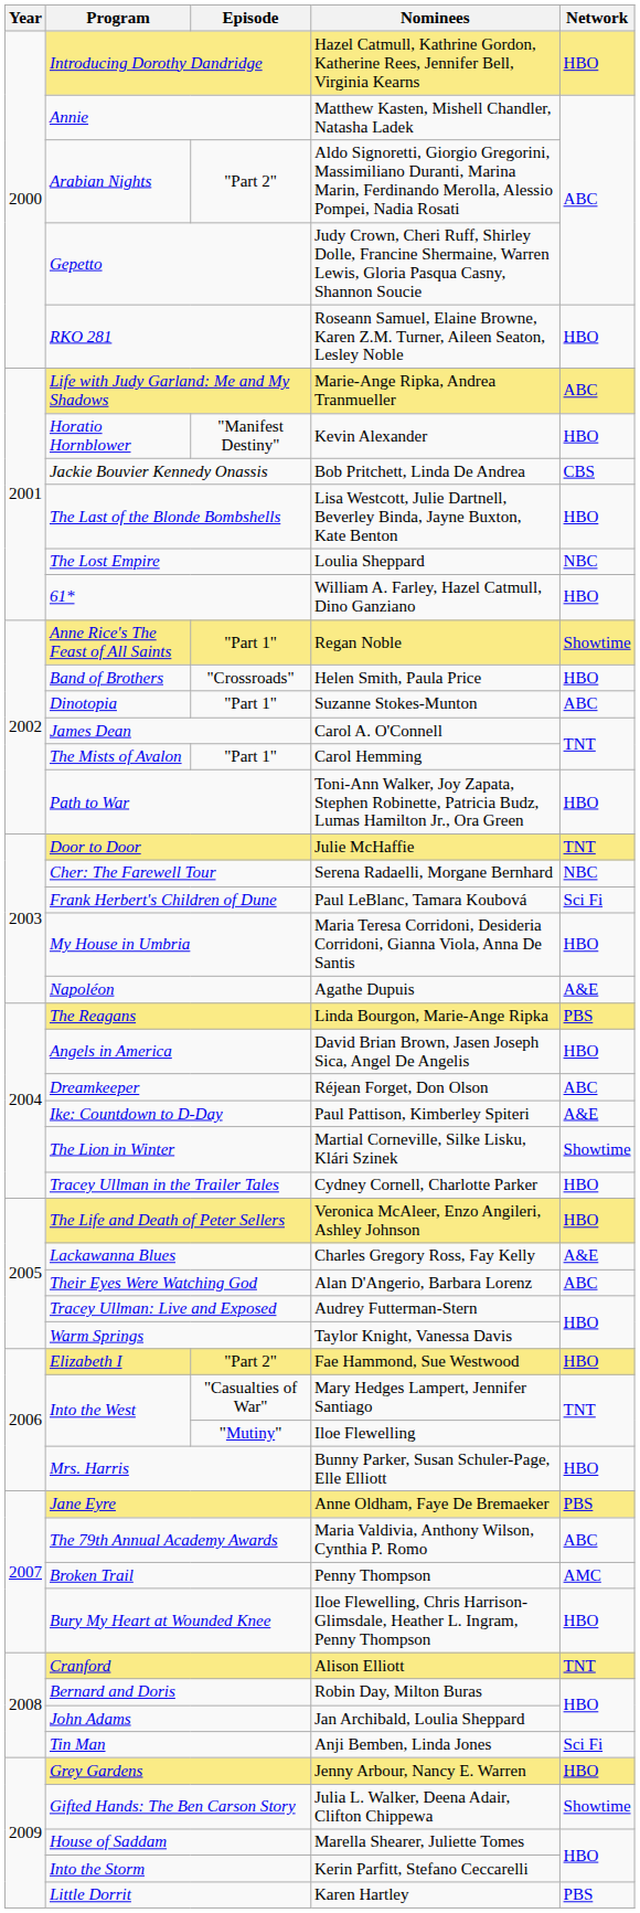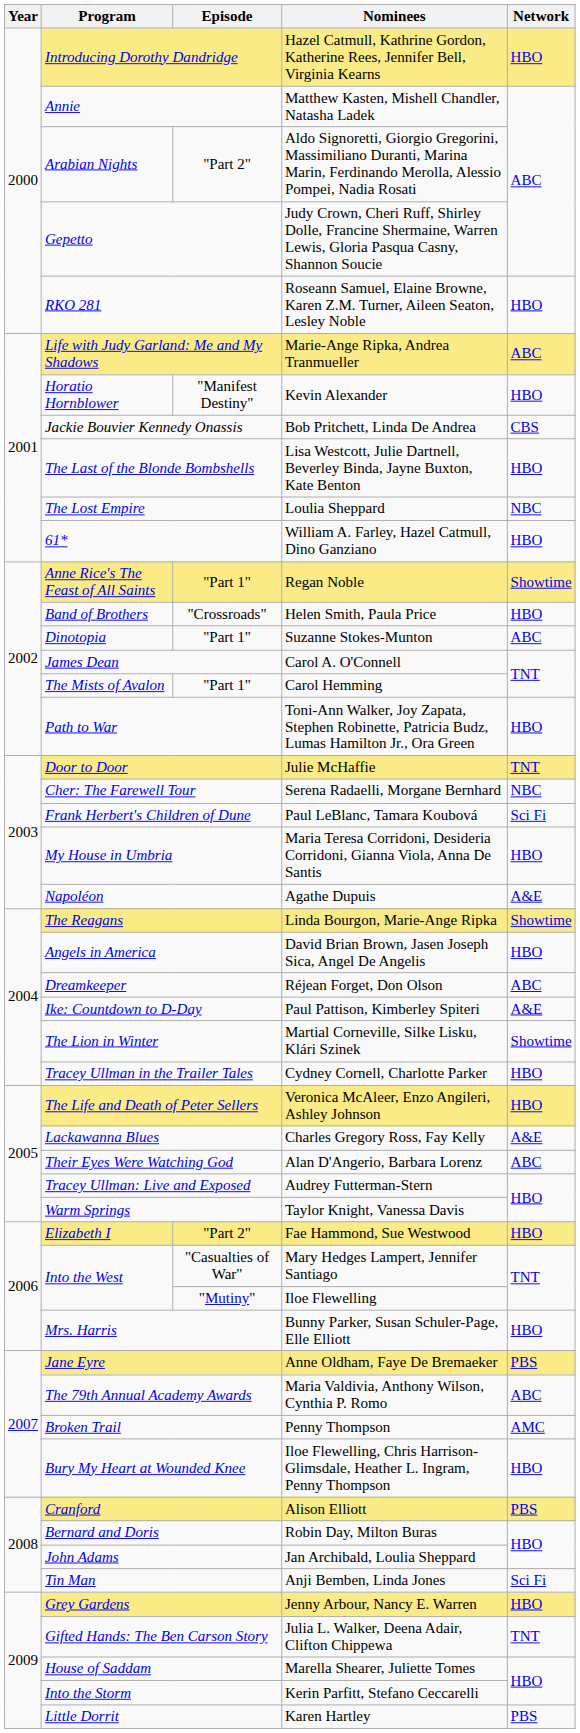 <table class="wikitable">
 <tr>
 <th width="5%">Year</th>
 <th width="25%">Program</th>
 <th width="20%">Episode</th>
 <th width="45%">Nominees</th>
 <th width="5%">Network</th>
 </tr>
 <tr>
 <td rowspan="5" style="text-align:center;">2000<br></td>
 <td style="background:#FAEB86;" colspan=2><em><a href='#'>Introducing Dorothy Dandridge</a></em></td>
 <td style="background:#FAEB86;">Hazel Catmull, Kathrine Gordon, Katherine Rees, Jennifer Bell, Virginia Kearns</td>
 <td style="background:#FAEB86;"><a href='#'>HBO</a></td>
 </tr>
 <tr>
 <td colspan=2><em><a href='#'>Annie</a></em></td>
 <td>Matthew Kasten, Mishell Chandler, Natasha Ladek</td>
 <td rowspan=3><a href='#'>ABC</a></td>
 </tr>
 <tr>
 <td><em><a href='#'>Arabian Nights</a></em></td>
 <td align=center>"Part 2"</td>
 <td>Aldo Signoretti, Giorgio Gregorini, Massimiliano Duranti, Marina Marin, Ferdinando Merolla, Alessio Pompei, Nadia Rosati</td>
 </tr>
 <tr>
 <td colspan=2><em><a href='#'>Gepetto</a></em></td>
 <td>Judy Crown, Cheri Ruff, Shirley Dolle, Francine Shermaine, Warren Lewis, Gloria Pasqua Casny, Shannon Soucie</td>
 </tr>
 <tr>
 <td colspan=2><em><a href='#'>RKO 281</a></em></td>
 <td>Roseann Samuel, Elaine Browne, Karen Z.M. Turner, Aileen Seaton, Lesley Noble</td>
 <td><a href='#'>HBO</a></td>
 </tr>
 <tr>
 <td rowspan="6" style="text-align:center;">2001<br></td>
 <td style="background:#FAEB86;" colspan=2><em><a href='#'>Life with Judy Garland: Me and My Shadows</a></em></td>
 <td style="background:#FAEB86;">Marie-Ange Ripka, Andrea Tranmueller</td>
 <td style="background:#FAEB86;"><a href='#'>ABC</a></td>
 </tr>
 <tr>
 <td><em><a href='#'>Horatio Hornblower</a></em></td>
 <td align=center>"Manifest Destiny"</td>
 <td>Kevin Alexander</td>
 <td><a href='#'>HBO</a></td>
 </tr>
 <tr>
 <td colspan=2><em>Jackie Bouvier Kennedy Onassis</em></td>
 <td>Bob Pritchett, Linda De Andrea</td>
 <td><a href='#'>CBS</a></td>
 </tr>
 <tr>
 <td colspan=2><em><a href='#'>The Last of the Blonde Bombshells</a></em></td>
 <td>Lisa Westcott, Julie Dartnell, Beverley Binda, Jayne Buxton, Kate Benton</td>
 <td><a href='#'>HBO</a></td>
 </tr>
 <tr>
 <td colspan=2><em><a href='#'>The Lost Empire</a></em></td>
 <td>Loulia Sheppard</td>
 <td><a href='#'>NBC</a></td>
 </tr>
 <tr>
 <td colspan=2><em><a href='#'>61*</a></em></td>
 <td>William A. Farley, Hazel Catmull, Dino Ganziano</td>
 <td><a href='#'>HBO</a></td>
 </tr>
 <tr>
 <td rowspan="6" style="text-align:center;">2002<br></td>
 <td style="background:#FAEB86;"><em><a href='#'>Anne Rice's The Feast of All Saints</a></em></td>
 <td style="background:#FAEB86;" align=center>"Part 1"</td>
 <td style="background:#FAEB86;">Regan Noble</td>
 <td style="background:#FAEB86;"><a href='#'>Showtime</a></td>
 </tr>
 <tr>
 <td><em><a href='#'>Band of Brothers</a></em></td>
 <td align=center>"Crossroads"</td>
 <td>Helen Smith, Paula Price</td>
 <td><a href='#'>HBO</a></td>
 </tr>
 <tr>
 <td><em><a href='#'>Dinotopia</a></em></td>
 <td align=center>"Part 1"</td>
 <td>Suzanne Stokes-Munton</td>
 <td><a href='#'>ABC</a></td>
 </tr>
 <tr>
 <td colspan=2><em><a href='#'>James Dean</a></em></td>
 <td>Carol A. O'Connell</td>
 <td rowspan=2><a href='#'>TNT</a></td>
 </tr>
 <tr>
 <td><em><a href='#'>The Mists of Avalon</a></em></td>
 <td align=center>"Part 1"</td>
 <td>Carol Hemming</td>
 </tr>
 <tr>
 <td colspan=2><em><a href='#'>Path to War</a></em></td>
 <td>Toni-Ann Walker, Joy Zapata, Stephen Robinette, Patricia Budz, Lumas Hamilton Jr., Ora Green</td>
 <td><a href='#'>HBO</a></td>
 </tr>
 <tr>
 <td rowspan="5" style="text-align:center;">2003<br></td>
 <td style="background:#FAEB86;" colspan=2><em><a href='#'>Door to Door</a></em></td>
 <td style="background:#FAEB86;">Julie McHaffie</td>
 <td style="background:#FAEB86;"><a href='#'>TNT</a></td>
 </tr>
 <tr>
 <td colspan=2><em><a href='#'>Cher: The Farewell Tour</a></em></td>
 <td>Serena Radaelli, Morgane Bernhard</td>
 <td><a href='#'>NBC</a></td>
 </tr>
 <tr>
 <td colspan=2><em><a href='#'>Frank Herbert's Children of Dune</a></em></td>
 <td>Paul LeBlanc, Tamara Koubová</td>
 <td><a href='#'>Sci Fi</a></td>
 </tr>
 <tr>
 <td colspan=2><em><a href='#'>My House in Umbria</a></em></td>
 <td>Maria Teresa Corridoni, Desideria Corridoni, Gianna Viola, Anna De Santis</td>
 <td><a href='#'>HBO</a></td>
 </tr>
 <tr>
 <td colspan=2><em><a href='#'>Napoléon</a></em></td>
 <td>Agathe Dupuis</td>
 <td><a href='#'>A&E</a></td>
 </tr>
 <tr>
 <td rowspan="6" style="text-align:center;">2004<br></td>
 <td style="background:#FAEB86;" colspan=2><em><a href='#'>The Reagans</a></em></td>
 <td style="background:#FAEB86;">Linda Bourgon, Marie-Ange Ripka</td>
-<td style="background:#FAEB86;"><a href='#'>PBS</a></td>
+<td style="background:#FAEB86;"><a href='#'>Showtime</a></td>
 </tr>
 <tr>
 <td colspan=2><em><a href='#'>Angels in America</a></em></td>
 <td>David Brian Brown, Jasen Joseph Sica, Angel De Angelis</td>
 <td><a href='#'>HBO</a></td>
 </tr>
 <tr>
 <td colspan=2><em><a href='#'>Dreamkeeper</a></em></td>
 <td>Réjean Forget, Don Olson</td>
 <td><a href='#'>ABC</a></td>
 </tr>
 <tr>
 <td colspan=2><em><a href='#'>Ike: Countdown to D-Day</a></em></td>
 <td>Paul Pattison, Kimberley Spiteri</td>
 <td><a href='#'>A&E</a></td>
 </tr>
 <tr>
 <td colspan=2><em><a href='#'>The Lion in Winter</a></em></td>
 <td>Martial Corneville, Silke Lisku, Klári Szinek</td>
 <td><a href='#'>Showtime</a></td>
 </tr>
 <tr>
 <td colspan=2><em><a href='#'>Tracey Ullman in the Trailer Tales</a></em></td>
 <td>Cydney Cornell, Charlotte Parker</td>
 <td><a href='#'>HBO</a></td>
 </tr>
 <tr>
 <td rowspan="5" style="text-align:center;">2005<br></td>
 <td style="background:#FAEB86;" colspan=2><em><a href='#'>The Life and Death of Peter Sellers</a></em></td>
 <td style="background:#FAEB86;">Veronica McAleer, Enzo Angileri, Ashley Johnson</td>
 <td style="background:#FAEB86;"><a href='#'>HBO</a></td>
 </tr>
 <tr>
 <td colspan=2><em><a href='#'>Lackawanna Blues</a></em></td>
 <td>Charles Gregory Ross, Fay Kelly</td>
 <td><a href='#'>A&E</a></td>
 </tr>
 <tr>
 <td colspan=2><em><a href='#'>Their Eyes Were Watching God</a></em></td>
 <td>Alan D'Angerio, Barbara Lorenz</td>
 <td><a href='#'>ABC</a></td>
 </tr>
 <tr>
 <td colspan=2><em><a href='#'>Tracey Ullman: Live and Exposed</a></em></td>
 <td>Audrey Futterman-Stern</td>
 <td rowspan=2><a href='#'>HBO</a></td>
 </tr>
 <tr>
 <td colspan=2><em><a href='#'>Warm Springs</a></em></td>
 <td>Taylor Knight, Vanessa Davis</td>
 </tr>
 <tr>
 <td rowspan="4" style="text-align:center;">2006<br></td>
 <td style="background:#FAEB86;"><em><a href='#'>Elizabeth I</a></em></td>
 <td style="background:#FAEB86;" align=center>"Part 2"</td>
 <td style="background:#FAEB86;">Fae Hammond, Sue Westwood</td>
 <td style="background:#FAEB86;"><a href='#'>HBO</a></td>
 </tr>
 <tr>
 <td rowspan=2><em><a href='#'>Into the West</a></em></td>
 <td align=center>"Casualties of War"</td>
 <td>Mary Hedges Lampert, Jennifer Santiago</td>
 <td rowspan=2><a href='#'>TNT</a></td>
 </tr>
 <tr>
 <td align=center>"<a href='#'>Mutiny</a>"</td>
 <td>Iloe Flewelling</td>
 </tr>
 <tr>
 <td colspan=2><em><a href='#'>Mrs. Harris</a></em></td>
 <td>Bunny Parker, Susan Schuler-Page, Elle Elliott</td>
 <td><a href='#'>HBO</a></td>
 </tr>
 <tr>
 <td rowspan="4" style="text-align:center;"><a href='#'>2007</a><br></td>
 <td style="background:#FAEB86;" colspan=2><em><a href='#'>Jane Eyre</a></em></td>
 <td style="background:#FAEB86;">Anne Oldham, Faye De Bremaeker</td>
 <td style="background:#FAEB86;"><a href='#'>PBS</a></td>
 </tr>
 <tr>
 <td colspan=2><em><a href='#'>The 79th Annual Academy Awards</a></em></td>
 <td>Maria Valdivia, Anthony Wilson, Cynthia P. Romo</td>
 <td><a href='#'>ABC</a></td>
 </tr>
 <tr>
 <td colspan=2><em><a href='#'>Broken Trail</a></em></td>
 <td>Penny Thompson</td>
 <td><a href='#'>AMC</a></td>
 </tr>
 <tr>
 <td colspan=2><em><a href='#'>Bury My Heart at Wounded Knee</a></em></td>
 <td>Iloe Flewelling, Chris Harrison-Glimsdale, Heather L. Ingram, Penny Thompson</td>
 <td><a href='#'>HBO</a></td>
 </tr>
 <tr>
 <td rowspan="4" style="text-align:center;">2008<br></td>
 <td style="background:#FAEB86;" colspan=2><em><a href='#'>Cranford</a></em></td>
 <td style="background:#FAEB86;">Alison Elliott</td>
-<td style="background:#FAEB86;"><a href='#'>TNT</a></td>
+<td style="background:#FAEB86;"><a href='#'>PBS</a></td>
 </tr>
 <tr>
 <td colspan=2><em><a href='#'>Bernard and Doris</a></em></td>
 <td>Robin Day, Milton Buras</td>
 <td rowspan=2><a href='#'>HBO</a></td>
 </tr>
 <tr>
 <td colspan=2><em><a href='#'>John Adams</a></em></td>
 <td>Jan Archibald, Loulia Sheppard</td>
 </tr>
 <tr>
 <td colspan=2><em><a href='#'>Tin Man</a></em></td>
 <td>Anji Bemben, Linda Jones</td>
 <td><a href='#'>Sci Fi</a></td>
 </tr>
 <tr>
 <td rowspan="5" style="text-align:center;">2009<br></td>
 <td style="background:#FAEB86;" colspan=2><em><a href='#'>Grey Gardens</a></em></td>
 <td style="background:#FAEB86;">Jenny Arbour, Nancy E. Warren</td>
 <td style="background:#FAEB86;"><a href='#'>HBO</a></td>
 </tr>
 <tr>
 <td colspan=2><em><a href='#'>Gifted Hands: The Ben Carson Story</a></em></td>
 <td>Julia L. Walker, Deena Adair, Clifton Chippewa</td>
-<td><a href='#'>Showtime</a></td>
+<td><a href='#'>TNT</a></td>
 </tr>
 <tr>
 <td colspan=2><em><a href='#'>House of Saddam</a></em></td>
 <td>Marella Shearer, Juliette Tomes</td>
 <td rowspan=2><a href='#'>HBO</a></td>
 </tr>
 <tr>
 <td colspan=2><em><a href='#'>Into the Storm</a></em></td>
 <td>Kerin Parfitt, Stefano Ceccarelli</td>
 </tr>
 <tr>
 <td colspan=2><em><a href='#'>Little Dorrit</a></em></td>
 <td>Karen Hartley</td>
 <td><a href='#'>PBS</a></td>
 </tr>
 </table>
